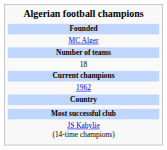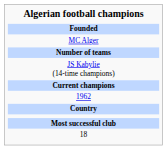 <table class="infobox football" style="width: 16em; text-align: center;">
 <tr>
 <th style="font-size: 16px;">Algerian football champions</th>
 </tr>
 <tr>
 <td style="font-size: 12px;"></td>
 </tr>
 <tr>
 <td style="font-size: 12px; background: #BFD7FF;"><strong>Founded</strong></td>
 </tr>
 <tr>
 <td style="font-size: 12px;"><a href='#'>MC Alger</a></td>
 </tr>
 <tr>
 <td style="font-size: 12px; background: #BFD7FF;"><strong>Number of teams</strong></td>
 </tr>
 <tr>
-<td style="font-size: 12px;">18</td>
+<td style="font-size: 12px;"><a href='#'>JS Kabylie</a><br>(14-time champions)</td>
 </tr>
 <tr>
 <td style="font-size: 12px; background: #BFD7FF;"><strong>Current champions</strong></td>
 </tr>
 <tr>
 <td style="font-size: 12px;"><a href='#'>1962</a></td>
 </tr>
 <tr>
 <td style="font-size: 12px; background: #BFD7FF;"><strong>Country</strong></td>
 </tr>
 <tr>
 <td style="font-size: 12px;"></td>
 </tr>
 <tr>
 <td style="font-size: 12px; background: #BFD7FF;"><strong>Most successful club</strong></td>
 </tr>
 <tr>
-<td style="font-size: 12px;"><a href='#'>JS Kabylie</a><br>(14-time champions)</td>
+<td style="font-size: 12px;">18</td>
 </tr>
 <tr>
 </tr>
 </table>
